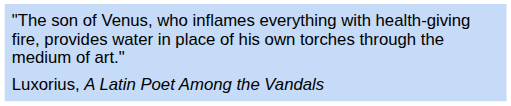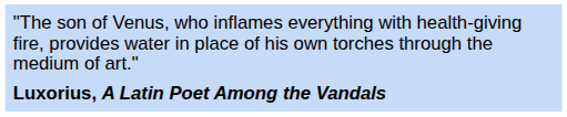 <table class="toccolours" style="float: right; margin-left: 1em; margin-right: 2em; font-size: 85%; background:#c6dbf7; color:black; width:30em; max-width: 40%;" cellspacing="5">
 <tr>
 <td style="text-align: left;">"The son of Venus, who inflames everything with health-giving fire, provides water in place of his own torches through the medium of art."</td>
 </tr>
 <tr>
-<td style="text-align: left;">Luxorius, <em>A Latin Poet Among the Vandals</em></td>
+<td style="text-align: left;"><strong>Luxorius, <em>A Latin Poet Among the Vandals</em></strong></td>
 </tr>
 </table>
